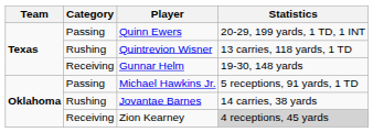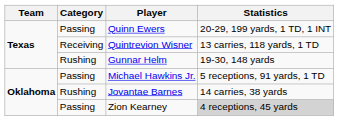 <table class="wikitable" style="float: right;">
 <tr>
 <th>Team</th>
 <th>Category</th>
 <th>Player</th>
 <th>Statistics</th>
 </tr>
 <tr>
 <td rowspan=3><strong>Texas</strong></td>
 <td>Passing</td>
 <td><a href='#'>Quinn Ewers</a></td>
 <td>20-29, 199 yards, 1 TD, 1 INT</td>
 </tr>
 <tr>
-<td>Rushing</td>
+<td>Receiving</td>
 <td><a href='#'>Quintrevion Wisner</a></td>
 <td>13 carries, 118 yards, 1 TD</td>
 </tr>
 <tr>
-<td>Receiving</td>
+<td>Rushing</td>
 <td><a href='#'>Gunnar Helm</a></td>
 <td>19-30, 148 yards</td>
 </tr>
 <tr>
 <td rowspan=3><strong>Oklahoma</strong></td>
 <td>Passing</td>
 <td><a href='#'>Michael Hawkins Jr.</a></td>
 <td>5 receptions, 91 yards, 1 TD</td>
 </tr>
 <tr>
 <td>Rushing</td>
 <td><a href='#'>Jovantae Barnes</a></td>
 <td>14 carries, 38 yards</td>
 </tr>
 <tr>
-<td>Receiving</td>
+<td>Passing</td>
 <td>Zion Kearney</td>
 <td style="background: lightgrey;">4 receptions, 45 yards</td>
 </tr>
 </table>
